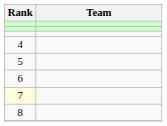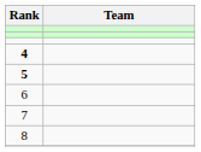 <table class="wikitable" style="text-align: center;">
 <tr>
 <th width=40>Rank</th>
 <th width=180>Team</th>
 </tr>
 <tr align=center bgcolor=#ccffcc>
 <td></td>
 <td style="text-align:left;"></td>
 </tr>
 <tr align=center bgcolor=#ccffcc>
 <td></td>
 <td style="text-align:left;"></td>
 </tr>
 <tr align=center>
 <td></td>
 <td style="text-align:left;"></td>
 </tr>
 <tr align=center>
-<td>4</td>
+<td><strong>4</strong></td>
 <td style="text-align:left;"></td>
 </tr>
 <tr align=center>
-<td>5</td>
+<td><strong>5</strong></td>
 <td style="text-align:left;"></td>
 </tr>
 <tr align=center>
 <td>6</td>
 <td style="text-align:left;"></td>
 </tr>
 <tr align=center>
-<td style="background: lightyellow;">7</td>
+<td>7</td>
 <td style="text-align:left;"></td>
 </tr>
 <tr align=center>
 <td>8</td>
 <td style="text-align:left;"></td>
 </tr>
 <tr align=center>
 </tr>
 </table>
